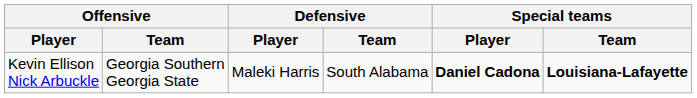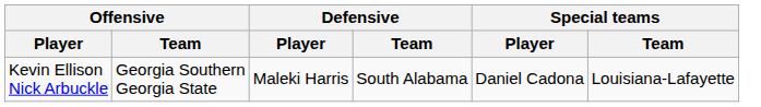 <table class="wikitable">
 <tr>
 <th colspan="2">Offensive</th>
 <th colspan="2">Defensive</th>
 <th colspan="2">Special teams</th>
 </tr>
 <tr>
 <th>Player</th>
 <th>Team</th>
 <th>Player</th>
 <th>Team</th>
 <th>Player</th>
 <th>Team</th>
 </tr>
 <tr>
 <td>Kevin Ellison <br> <a href='#'>Nick Arbuckle</a></td>
 <td>Georgia Southern <br> Georgia State</td>
 <td>Maleki Harris</td>
 <td>South Alabama</td>
-<td><strong>Daniel Cadona</strong></td>
-<td><strong>Louisiana-Lafayette</strong></td>
+<td>Daniel Cadona</td>
+<td>Louisiana-Lafayette</td>
 </tr>
 </table>
